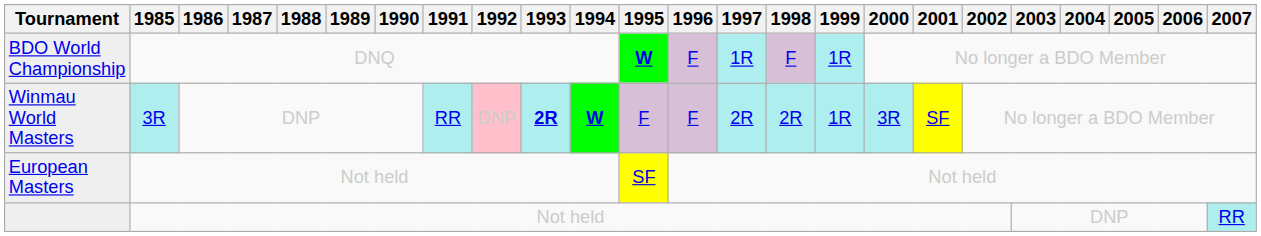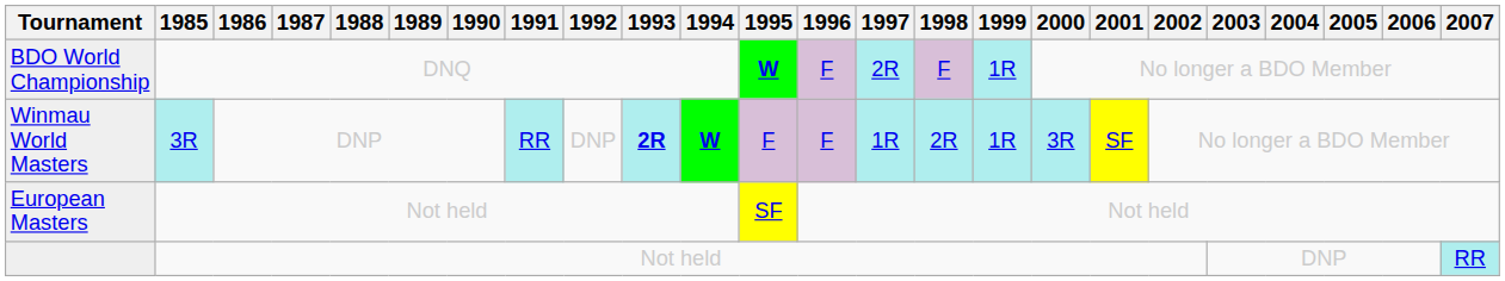 <table class="wikitable" style="width:50%">
 <tr>
 <th>Tournament</th>
 <th>1985</th>
 <th>1986</th>
 <th>1987</th>
 <th>1988</th>
 <th>1989</th>
 <th>1990</th>
 <th>1991</th>
 <th>1992</th>
 <th>1993</th>
 <th>1994</th>
 <th>1995</th>
 <th>1996</th>
 <th>1997</th>
 <th>1998</th>
 <th>1999</th>
 <th>2000</th>
 <th>2001</th>
 <th>2002</th>
 <th>2003</th>
 <th>2004</th>
 <th>2005</th>
 <th>2006</th>
 <th>2007</th>
 </tr>
 <tr>
 <td style="background:#efefef;"><a href='#'>BDO World Championship</a></td>
 <td colspan="10" style="text-align:center; color:#ccc;">DNQ</td>
 <td style="text-align:center; background:lime;"><strong><a href='#'>W</a></strong></td>
 <td style="text-align:center; background:thistle;"><a href='#'>F</a></td>
-<td style="text-align:center; background:#afeeee;"><a href='#'>1R</a></td>
+<td style="text-align:center; background:#afeeee;"><a href='#'>2R</a></td>
 <td style="text-align:center; background:thistle;"><a href='#'>F</a></td>
 <td style="text-align:center; background:#afeeee;"><a href='#'>1R</a></td>
 <td colspan="8" style="text-align:center; color:#ccc;">No longer a BDO Member</td>
 </tr>
 <tr>
 <td style="background:#efefef;"><a href='#'>Winmau World Masters</a></td>
 <td style="text-align:center; background:#afeeee;"><a href='#'>3R</a></td>
 <td colspan="5" style="text-align:center; color:#ccc;">DNP</td>
 <td style="text-align:center; background:#afeeee;"><a href='#'>RR</a></td>
-<td style="background: pink; text-align:center; color:#ccc;">DNP</td>
+<td style="text-align:center; color:#ccc;">DNP</td>
 <td style="text-align:center; background:#afeeee;"><strong><a href='#'>2R</a></strong></td>
 <td style="text-align:center; background:lime;"><strong><a href='#'>W</a></strong></td>
 <td style="text-align:center; background:thistle;"><a href='#'>F</a></td>
 <td style="text-align:center; background:thistle;"><a href='#'>F</a></td>
-<td style="text-align:center; background:#afeeee;"><a href='#'>2R</a></td>
+<td style="text-align:center; background:#afeeee;"><a href='#'>1R</a></td>
 <td style="text-align:center; background:#afeeee;"><a href='#'>2R</a></td>
 <td style="text-align:center; background:#afeeee;"><a href='#'>1R</a></td>
 <td style="text-align:center; background:#afeeee;"><a href='#'>3R</a></td>
 <td style="text-align:center; background:yellow;"><a href='#'>SF</a></td>
 <td colspan="6" style="text-align:center; color:#ccc;">No longer a BDO Member</td>
 </tr>
 <tr>
 <td style="background:#efefef;"><a href='#'>European Masters</a></td>
 <td colspan="10" style="text-align:center; color:#ccc;">Not held</td>
 <td style="text-align:center; background:yellow;"><a href='#'>SF</a></td>
 <td colspan="12" style="text-align:center; color:#ccc;">Not held</td>
 </tr>
 <tr>
 <td style="background:#efefef;"></td>
 <td colspan="18" style="text-align:center; color:#ccc;">Not held</td>
 <td colspan="4" style="text-align:center; color:#ccc;">DNP</td>
 <td style="text-align:center; background:#afeeee;"><a href='#'>RR</a></td>
 </tr>
 </table>
